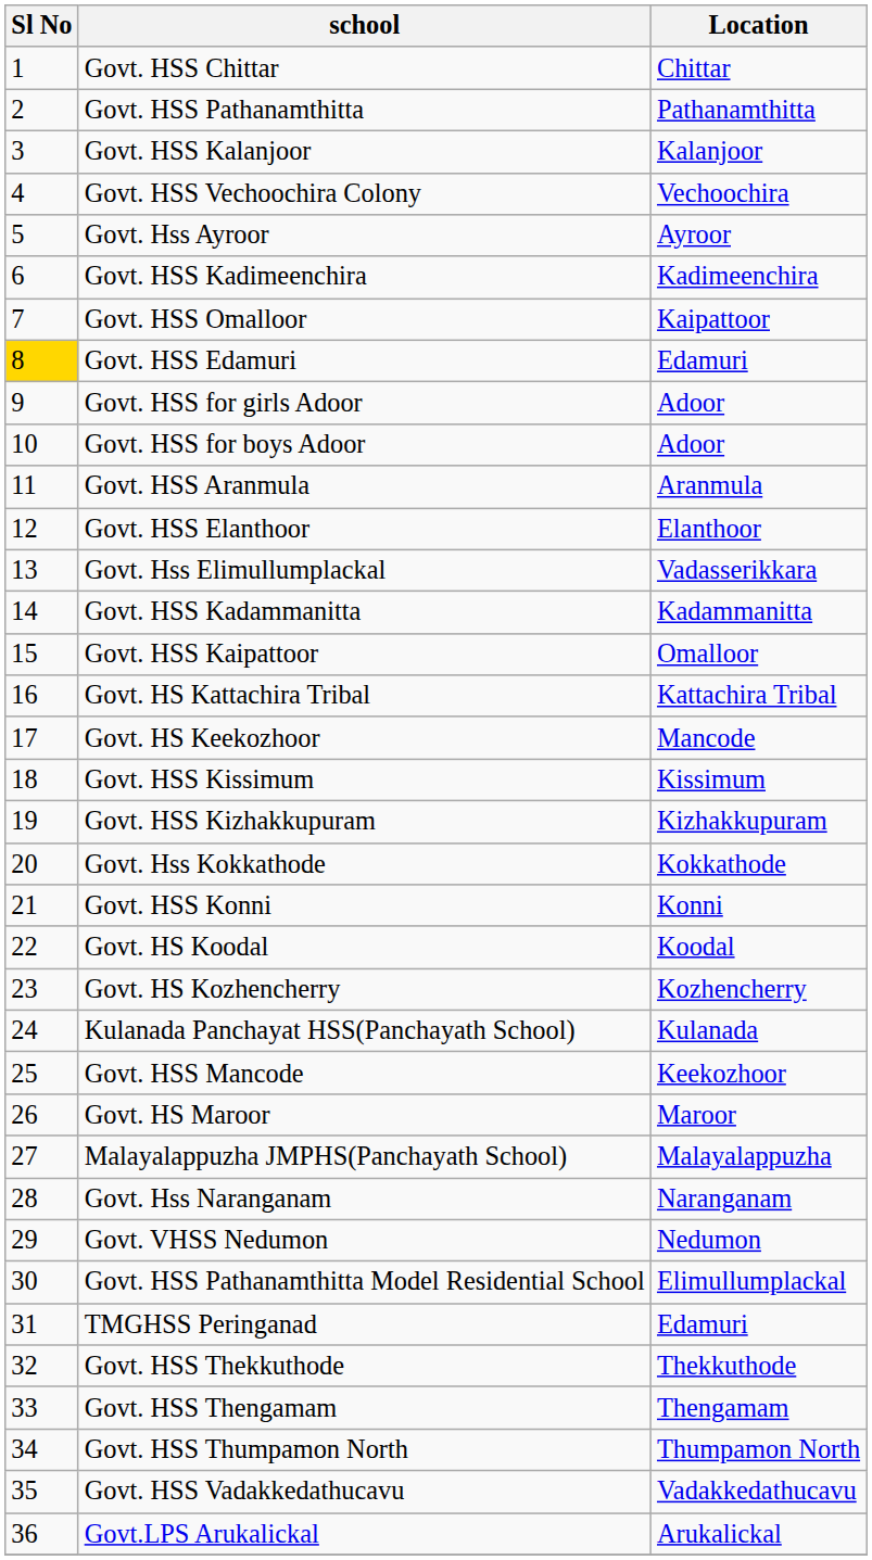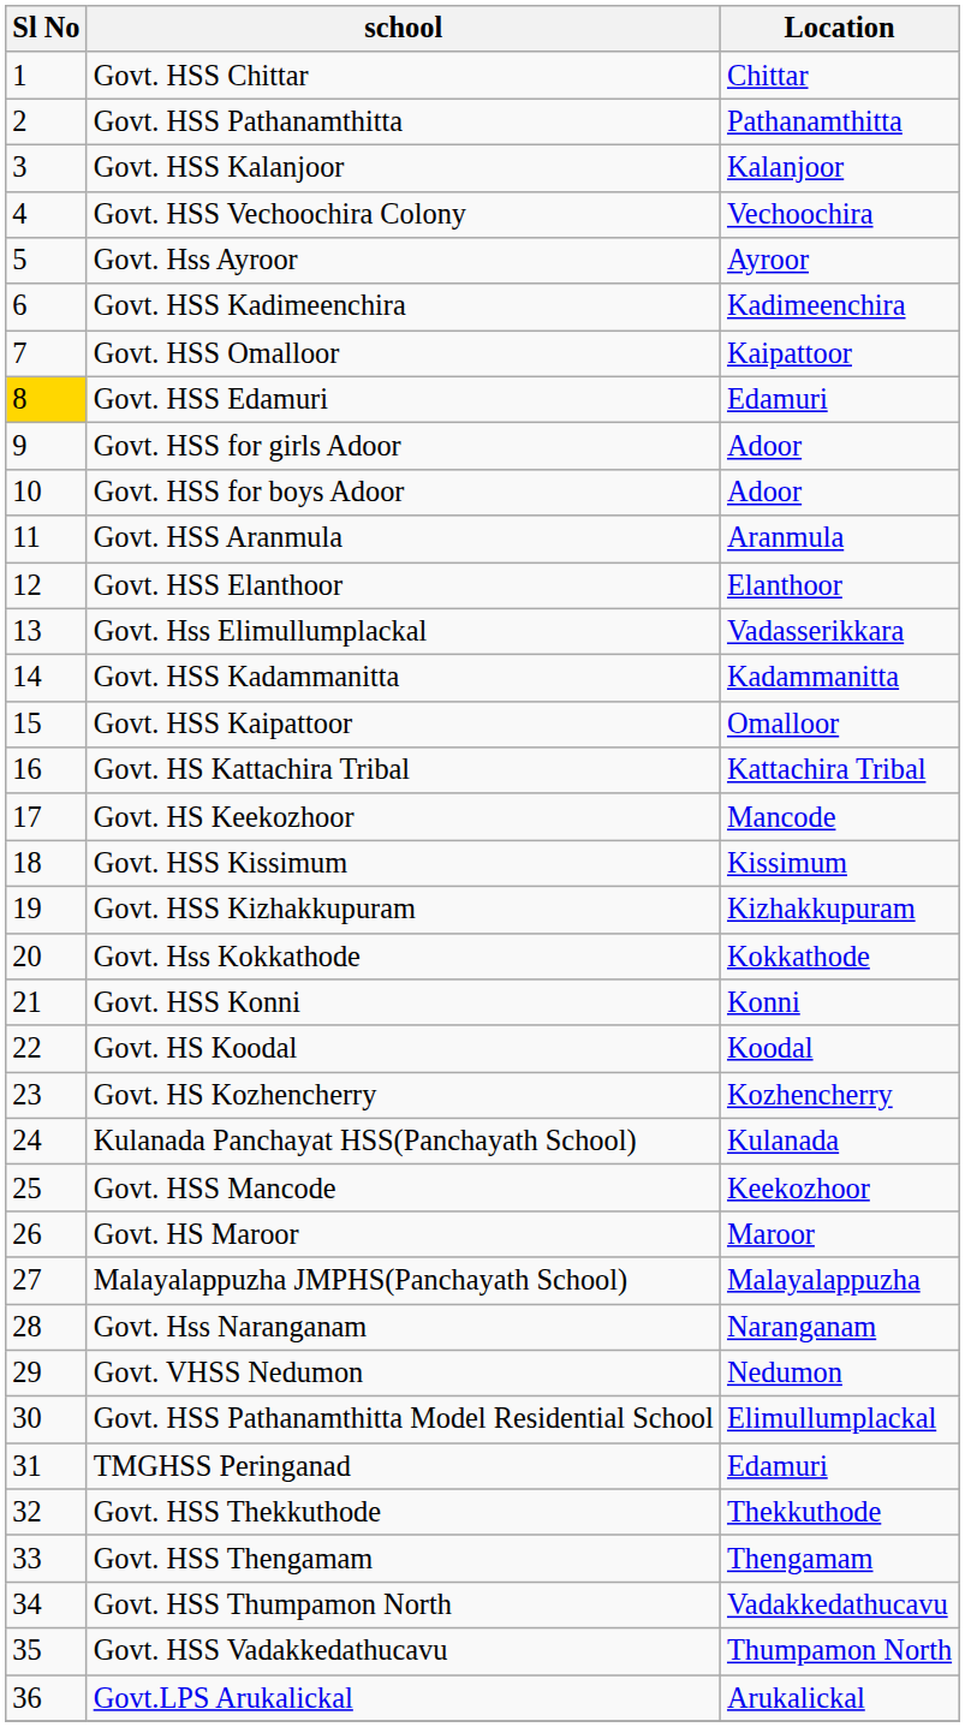 <table class="wikitable">
 <tr>
 <th>Sl No</th>
 <th>school</th>
 <th>Location</th>
 </tr>
 <tr>
 <td>1</td>
 <td>Govt. HSS Chittar</td>
 <td><a href='#'>Chittar</a></td>
 </tr>
 <tr>
 <td>2</td>
 <td>Govt. HSS Pathanamthitta</td>
 <td><a href='#'>Pathanamthitta</a></td>
 </tr>
 <tr>
 <td>3</td>
 <td>Govt. HSS Kalanjoor</td>
 <td><a href='#'>Kalanjoor</a></td>
 </tr>
 <tr>
 <td>4</td>
 <td>Govt. HSS Vechoochira Colony</td>
 <td><a href='#'>Vechoochira</a></td>
 </tr>
 <tr>
 <td>5</td>
 <td>Govt. Hss Ayroor</td>
 <td><a href='#'>Ayroor</a></td>
 </tr>
 <tr>
 <td>6</td>
 <td>Govt. HSS Kadimeenchira</td>
 <td><a href='#'>Kadimeenchira</a></td>
 </tr>
 <tr>
 <td>7</td>
 <td>Govt. HSS Omalloor</td>
 <td><a href='#'>Kaipattoor</a></td>
 </tr>
 <tr>
 <td style="background: gold;">8</td>
 <td>Govt. HSS Edamuri</td>
 <td><a href='#'>Edamuri</a></td>
 </tr>
 <tr>
 <td>9</td>
 <td>Govt. HSS for girls Adoor</td>
 <td><a href='#'>Adoor</a></td>
 </tr>
 <tr>
 <td>10</td>
 <td>Govt. HSS for boys Adoor</td>
 <td><a href='#'>Adoor</a></td>
 </tr>
 <tr>
 <td>11</td>
 <td>Govt. HSS Aranmula</td>
 <td><a href='#'>Aranmula</a></td>
 </tr>
 <tr>
 <td>12</td>
 <td>Govt. HSS Elanthoor</td>
 <td><a href='#'>Elanthoor</a></td>
 </tr>
 <tr>
 <td>13</td>
 <td>Govt. Hss Elimullumplackal</td>
 <td><a href='#'>Vadasserikkara</a></td>
 </tr>
 <tr>
 <td>14</td>
 <td>Govt. HSS Kadammanitta</td>
 <td><a href='#'>Kadammanitta</a></td>
 </tr>
 <tr>
 <td>15</td>
 <td>Govt. HSS Kaipattoor</td>
 <td><a href='#'>Omalloor</a></td>
 </tr>
 <tr>
 <td>16</td>
 <td>Govt. HS Kattachira Tribal</td>
 <td><a href='#'>Kattachira Tribal</a></td>
 </tr>
 <tr>
 <td>17</td>
 <td>Govt. HS Keekozhoor</td>
 <td><a href='#'>Mancode</a></td>
 </tr>
 <tr>
 <td>18</td>
 <td>Govt. HSS Kissimum</td>
 <td><a href='#'>Kissimum</a></td>
 </tr>
 <tr>
 <td>19</td>
 <td>Govt. HSS Kizhakkupuram</td>
 <td><a href='#'>Kizhakkupuram</a></td>
 </tr>
 <tr>
 <td>20</td>
 <td>Govt. Hss Kokkathode</td>
 <td><a href='#'>Kokkathode</a></td>
 </tr>
 <tr>
 <td>21</td>
 <td>Govt. HSS Konni</td>
 <td><a href='#'>Konni</a></td>
 </tr>
 <tr>
 <td>22</td>
 <td>Govt. HS Koodal</td>
 <td><a href='#'>Koodal</a></td>
 </tr>
 <tr>
 <td>23</td>
 <td>Govt. HS Kozhencherry</td>
 <td><a href='#'>Kozhencherry</a></td>
 </tr>
 <tr>
 <td>24</td>
 <td>Kulanada Panchayat HSS(Panchayath School)</td>
 <td><a href='#'>Kulanada</a></td>
 </tr>
 <tr>
 <td>25</td>
 <td>Govt. HSS Mancode</td>
 <td><a href='#'>Keekozhoor</a></td>
 </tr>
 <tr>
 <td>26</td>
 <td>Govt. HS Maroor</td>
 <td><a href='#'>Maroor</a></td>
 </tr>
 <tr>
 <td>27</td>
 <td>Malayalappuzha JMPHS(Panchayath School)</td>
 <td><a href='#'>Malayalappuzha</a></td>
 </tr>
 <tr>
 <td>28</td>
 <td>Govt. Hss Naranganam</td>
 <td><a href='#'>Naranganam</a></td>
 </tr>
 <tr>
 <td>29</td>
 <td>Govt. VHSS Nedumon</td>
 <td><a href='#'>Nedumon</a></td>
 </tr>
 <tr>
 <td>30</td>
 <td>Govt. HSS Pathanamthitta Model Residential School</td>
 <td><a href='#'>Elimullumplackal</a></td>
 </tr>
 <tr>
 <td>31</td>
 <td>TMGHSS Peringanad</td>
 <td><a href='#'>Edamuri</a></td>
 </tr>
 <tr>
 <td>32</td>
 <td>Govt. HSS Thekkuthode</td>
 <td><a href='#'>Thekkuthode</a></td>
 </tr>
 <tr>
 <td>33</td>
 <td>Govt. HSS Thengamam</td>
 <td><a href='#'>Thengamam</a></td>
 </tr>
 <tr>
 <td>34</td>
 <td>Govt. HSS Thumpamon North</td>
-<td><a href='#'>Thumpamon North</a></td>
+<td><a href='#'>Vadakkedathucavu</a></td>
 </tr>
 <tr>
 <td>35</td>
 <td>Govt. HSS Vadakkedathucavu</td>
-<td><a href='#'>Vadakkedathucavu</a></td>
+<td><a href='#'>Thumpamon North</a></td>
 </tr>
 <tr>
 <td>36</td>
 <td><a href='#'>Govt.LPS Arukalickal</a></td>
 <td><a href='#'>Arukalickal</a></td>
 </tr>
 <tr>
 </tr>
 </table>
